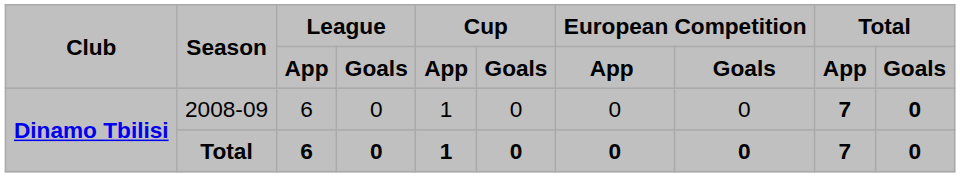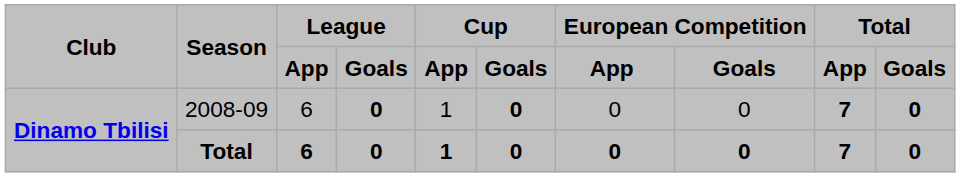 <table border=1 align=center cellpadding=5 cellspacing=2 style="background:#C0C0C0; font-size: 95%; border: 1px #aaaaaa solid; border-collapse: collapse; clear:center">
 <tr style="background:#C0C0C0">
 <th rowspan="2">Club</th>
 <th rowspan="2">Season</th>
 <th colspan="2">League</th>
 <th colspan="2">Cup</th>
 <th colspan="2">European Competition</th>
 <th colspan="2">Total</th>
 </tr>
 <tr style="background:#C0C0C0">
 <th>App</th>
 <th>Goals</th>
 <th>App</th>
 <th>Goals</th>
 <th>App </th>
 <th>Goals</th>
 <th>App</th>
 <th>Goals</th>
 </tr>
 <tr style="background:#C0C0C0">
 <td rowspan="2" align=center valign=center><strong><a href='#'>Dinamo Tbilisi</a></strong></td>
 <td align="center">2008-09</td>
 <td align="center">6</td>
-<td align="center">0</td>
+<td align="center"><strong>0</strong></td>
 <td align="center">1</td>
-<td align="center">0</td>
+<td align="center"><strong>0</strong></td>
 <td align="center">0</td>
 <td align="center">0</td>
 <th>7</th>
 <th>0</th>
 </tr>
 <tr style="background:#C0C0C0">
 <th>Total</th>
 <th>6</th>
 <th>0</th>
 <th>1</th>
 <th>0</th>
 <th>0</th>
 <th>0</th>
 <th>7</th>
 <th>0</th>
 </tr>
 </table>
